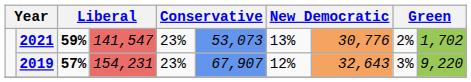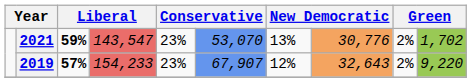 <table class="wikitable" style="float:right; width:400; font-size:90%; margin-left:1em;">
 <tr>
 <th colspan="2" scope="col">Year</th>
 <th colspan="2" scope="col"><a href='#'>Liberal</a></th>
 <th colspan="2" scope="col"><a href='#'>Conservative</a></th>
 <th colspan="2" scope="col"><a href='#'>New Democratic</a></th>
 <th colspan="2" scope="col"><a href='#'>Green</a></th>
 </tr>
 <tr>
 <td rowspan="2" style="width: 0.25em; background-color: "></td>
 <th><a href='#'>2021</a></th>
 <td><strong>59%</strong></td>
-<td style="text-align:right; background:#EA6D6A;"><em>141,547</em></td>
+<td style="text-align:right; background:#EA6D6A;"><em>143,547</em></td>
 <td>23%</td>
-<td style="text-align:right; background:#6495ED;"><em>53,073</em></td>
+<td style="text-align:right; background:#6495ED;"><em>53,070</em></td>
 <td>13%</td>
 <td style="text-align:right; background:#F4A460;"><em>30,776</em></td>
 <td>2%</td>
 <td style="text-align:right; background:#99C955;"><em>1,702</em></td>
 </tr>
 <tr>
 <th><a href='#'>2019</a></th>
 <td><strong>57%</strong></td>
-<td style="text-align:right; background:#EA6D6A;"><em>154,231</em></td>
+<td style="text-align:right; background:#EA6D6A;"><em>154,233</em></td>
 <td>23%</td>
 <td style="text-align:right; background:#6495ED;"><em>67,907</em></td>
 <td>12%</td>
 <td style="text-align:right; background:#F4A460;"><em>32,643</em></td>
-<td>3%</td>
+<td>2%</td>
 <td style="text-align:right; background:#99C955;"><em>9,220</em></td>
 </tr>
 <tr>
 </tr>
 </table>
